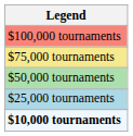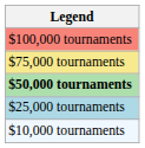 <table class="wikitable"  style="font-size:85%; width:15%;">
 <tr>
 <th>Legend</th>
 </tr>
 <tr style="background:#f88379;">
 <td>$100,000 tournaments</td>
 </tr>
 <tr style="background:#f7e98e;">
 <td>$75,000 tournaments</td>
 </tr>
 <tr style="background:#addfad;">
-<td>$50,000 tournaments</td>
+<td><strong>$50,000 tournaments</strong></td>
 </tr>
 <tr style="background:lightblue;">
 <td>$25,000 tournaments</td>
 </tr>
 <tr style="background:#f0f8ff;">
-<td><strong>$10,000 tournaments</strong></td>
+<td>$10,000 tournaments</td>
 </tr>
 </table>
